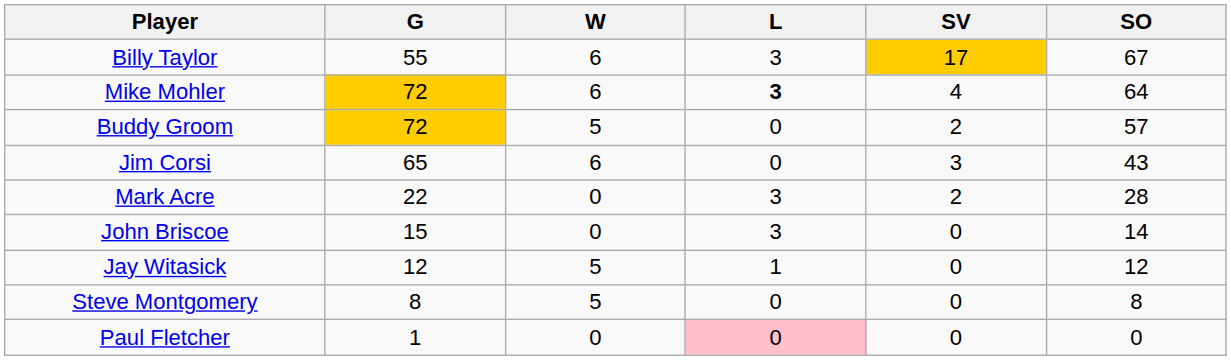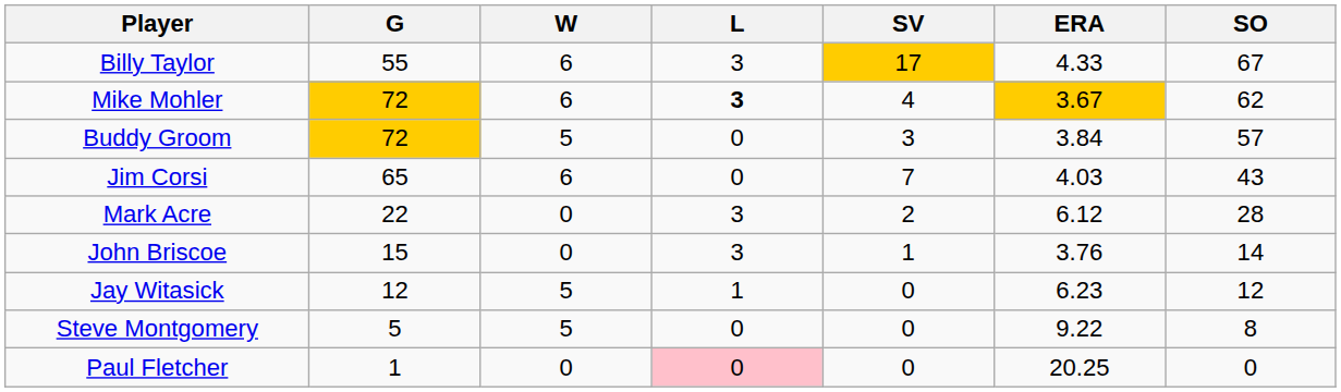 <table class="wikitable sortable">
 <tr>
 <th bgcolor="#DDDDFF" width="16%">Player</th>
 <th bgcolor="#DDDDFF" width="9%">G</th>
 <th bgcolor="#DDDDFF" width="9%">W</th>
 <th bgcolor="#DDDDFF" width="9%">L</th>
 <th bgcolor="#DDDDFF" width="9%">SV</th>
+<th bgcolor="#DDDDFF" width="9%">ERA</th>
 <th bgcolor="#DDDDFF" width="9%">SO</th>
 </tr>
 <tr align="center">
 <td><a href='#'>Billy Taylor</a></td>
 <td>55</td>
 <td>6</td>
 <td>3</td>
 <td style="background:#fc0;">17</td>
+<td>4.33</td>
 <td>67</td>
 </tr>
 <tr align=center>
 <td><a href='#'>Mike Mohler</a></td>
 <td style="background:#fc0;">72</td>
 <td>6</td>
 <td><strong>3</strong></td>
 <td>4</td>
-<td>64</td>
+<td style="background:#fc0;">3.67</td>
+<td>62</td>
 </tr>
 <tr align=center>
 <td><a href='#'>Buddy Groom</a></td>
 <td style="background:#fc0;">72</td>
 <td>5</td>
 <td>0</td>
-<td>2</td>
+<td>3</td>
+<td>3.84</td>
 <td>57</td>
 </tr>
 <tr align=center>
 <td><a href='#'>Jim Corsi</a></td>
 <td>65</td>
 <td>6</td>
 <td>0</td>
-<td>3</td>
+<td>7</td>
+<td>4.03</td>
 <td>43</td>
 </tr>
 <tr align=center>
 <td><a href='#'>Mark Acre</a></td>
 <td>22</td>
 <td>0</td>
 <td>3</td>
 <td>2</td>
+<td>6.12</td>
 <td>28</td>
 </tr>
 <tr align=center>
 <td><a href='#'>John Briscoe</a></td>
 <td>15</td>
 <td>0</td>
 <td>3</td>
-<td>0</td>
+<td>1</td>
+<td>3.76</td>
 <td>14</td>
 </tr>
 <tr align=center>
 <td><a href='#'>Jay Witasick</a></td>
 <td>12</td>
 <td>5</td>
 <td>1</td>
 <td>0</td>
+<td>6.23</td>
 <td>12</td>
 </tr>
 <tr align=center>
 <td><a href='#'>Steve Montgomery</a></td>
-<td>8</td>
+<td>5</td>
 <td>5</td>
 <td>0</td>
 <td>0</td>
+<td>9.22</td>
 <td>8</td>
 </tr>
 <tr align=center>
 <td><a href='#'>Paul Fletcher</a></td>
 <td>1</td>
 <td>0</td>
 <td style="background: pink;">0</td>
 <td>0</td>
+<td>20.25</td>
 <td>0</td>
 </tr>
 </table>
